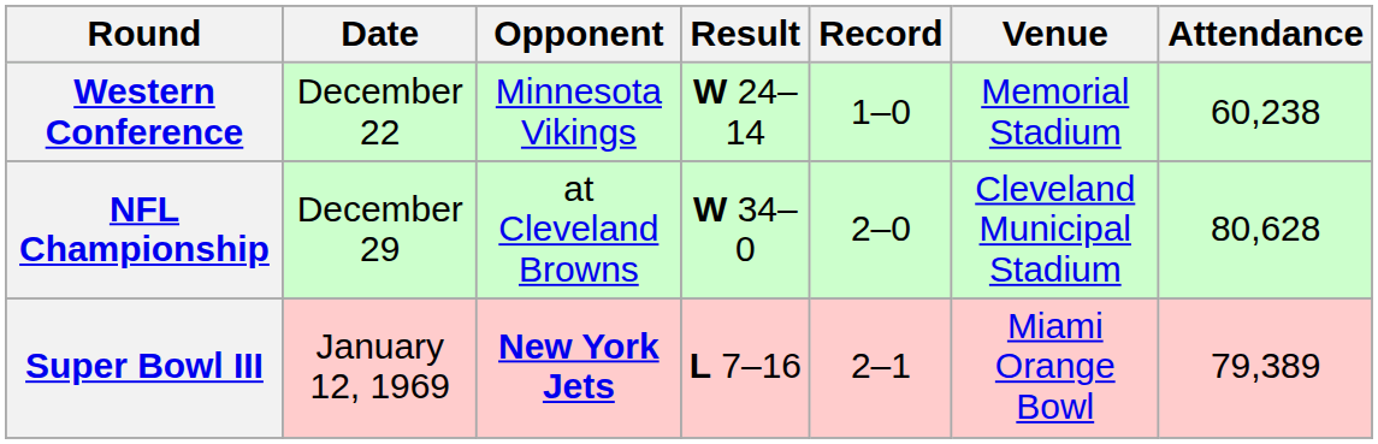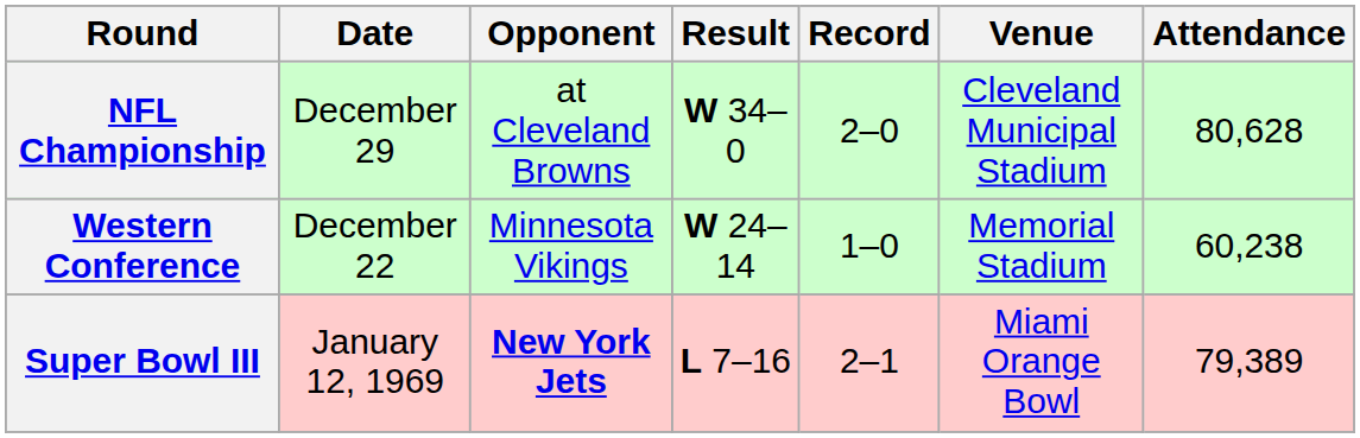 <table class="wikitable" style="text-align:center">
 <tr>
 <th>Round</th>
 <th>Date</th>
 <th>Opponent</th>
 <th>Result</th>
 <th>Record</th>
 <th>Venue</th>
 <th>Attendance</th>
 </tr>
 <tr style="background:#cfc">
+<th><a href='#'>NFL Championship</a></th>
+<td>December 29</td>
+<td>at <a href='#'>Cleveland Browns</a></td>
+<td><strong>W</strong> 34–0</td>
+<td>2–0</td>
+<td><a href='#'>Cleveland Municipal Stadium</a></td>
+<td>80,628</td>
+</tr>
+<tr style="background:#cfc">
 <th><a href='#'>Western Conference</a></th>
 <td>December 22</td>
 <td><a href='#'>Minnesota Vikings</a></td>
 <td><strong>W</strong> 24–14</td>
 <td>1–0</td>
 <td><a href='#'>Memorial Stadium</a></td>
 <td>60,238</td>
-</tr>
-<tr style="background:#cfc">
-<th><a href='#'>NFL Championship</a></th>
-<td>December 29</td>
-<td>at <a href='#'>Cleveland Browns</a></td>
-<td><strong>W</strong> 34–0</td>
-<td>2–0</td>
-<td><a href='#'>Cleveland Municipal Stadium</a></td>
-<td>80,628</td>
 </tr>
 <tr style="background:#fcc">
 <th><a href='#'>Super Bowl III</a></th>
 <td>January 12, 1969</td>
 <td><strong><a href='#'>New York Jets</a></strong></td>
 <td><strong>L</strong> 7–16</td>
 <td>2–1</td>
 <td><a href='#'>Miami Orange Bowl</a></td>
 <td>79,389</td>
 </tr>
 </table>
